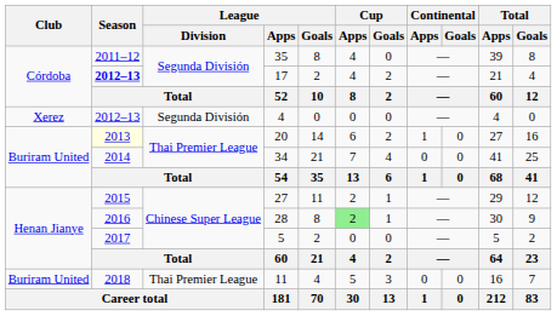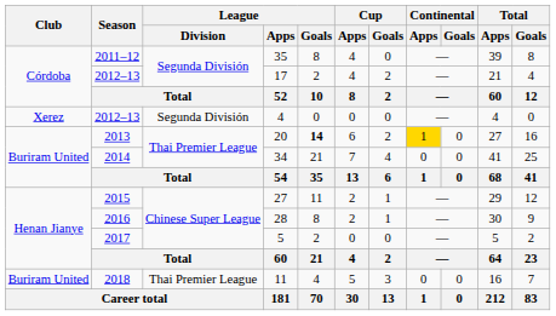 <table class="wikitable" style="text-align:center">
 <tr>
 <th rowspan="2">Club</th>
 <th rowspan="2">Season</th>
 <th colspan="3">League</th>
 <th colspan="2">Cup</th>
 <th colspan="2">Continental</th>
 <th colspan="2">Total</th>
 </tr>
 <tr>
 <th>Division</th>
 <th>Apps</th>
 <th>Goals</th>
 <th>Apps</th>
 <th>Goals</th>
 <th>Apps</th>
 <th>Goals</th>
 <th>Apps</th>
 <th>Goals</th>
 </tr>
 <tr>
 <td rowspan="3"><a href='#'>Córdoba</a></td>
 <td><a href='#'>2011–12</a></td>
 <td rowspan="2"><a href='#'>Segunda División</a></td>
 <td>35</td>
 <td>8</td>
 <td>4</td>
 <td>0</td>
 <td colspan="2">—</td>
 <td>39</td>
 <td>8</td>
 </tr>
 <tr>
-<td><strong><a href='#'>2012–13</a></strong></td>
+<td><a href='#'>2012–13</a></td>
 <td>17</td>
 <td>2</td>
 <td>4</td>
 <td>2</td>
 <td colspan="2">—</td>
 <td>21</td>
 <td>4</td>
 </tr>
 <tr>
 <th colspan="2">Total</th>
 <th>52</th>
 <th>10</th>
 <th>8</th>
 <th>2</th>
 <th colspan="2">—</th>
 <th>60</th>
 <th>12</th>
 </tr>
 <tr>
 <td><a href='#'>Xerez</a></td>
 <td><a href='#'>2012–13</a></td>
 <td>Segunda División</td>
 <td>4</td>
 <td>0</td>
 <td>0</td>
 <td>0</td>
 <td colspan="2">—</td>
 <td>4</td>
 <td>0</td>
 </tr>
 <tr>
 <td rowspan="3"><a href='#'>Buriram United</a></td>
-<td style="background: lightyellow;"><a href='#'>2013</a></td>
+<td><a href='#'>2013</a></td>
 <td rowspan="2"><a href='#'>Thai Premier League</a></td>
 <td>20</td>
-<td>14</td>
+<td><strong>14</strong></td>
 <td>6</td>
 <td>2</td>
-<td>1</td>
+<td style="background: gold;">1</td>
 <td>0</td>
 <td>27</td>
 <td>16</td>
 </tr>
 <tr>
 <td><a href='#'>2014</a></td>
 <td>34</td>
 <td>21</td>
 <td>7</td>
 <td>4</td>
 <td>0</td>
 <td>0</td>
 <td>41</td>
 <td>25</td>
 </tr>
 <tr>
 <th colspan="2">Total</th>
 <th>54</th>
 <th>35</th>
 <th>13</th>
 <th>6</th>
 <th>1</th>
 <th>0</th>
 <th>68</th>
 <th>41</th>
 </tr>
 <tr>
 <td rowspan="4"><a href='#'>Henan Jianye</a></td>
 <td><a href='#'>2015</a></td>
 <td rowspan="3"><a href='#'>Chinese Super League</a></td>
 <td>27</td>
 <td>11</td>
 <td>2</td>
 <td>1</td>
 <td colspan="2">—</td>
 <td>29</td>
 <td>12</td>
 </tr>
 <tr>
 <td><a href='#'>2016</a></td>
 <td>28</td>
 <td>8</td>
-<td style="background: lightgreen;">2</td>
+<td>2</td>
 <td>1</td>
 <td colspan="2">—</td>
 <td>30</td>
 <td>9</td>
 </tr>
 <tr>
 <td><a href='#'>2017</a></td>
 <td>5</td>
 <td>2</td>
 <td>0</td>
 <td>0</td>
 <td colspan="2">—</td>
 <td>5</td>
 <td>2</td>
 </tr>
 <tr>
 <th colspan="2">Total</th>
 <th>60</th>
 <th>21</th>
 <th>4</th>
 <th>2</th>
 <th colspan="2">—</th>
 <th>64</th>
 <th>23</th>
 </tr>
 <tr>
 <td><a href='#'>Buriram United</a></td>
 <td><a href='#'>2018</a></td>
 <td>Thai Premier League</td>
 <td>11</td>
 <td>4</td>
 <td>5</td>
 <td>3</td>
 <td>0</td>
 <td>0</td>
 <td>16</td>
 <td>7</td>
 </tr>
 <tr>
 <th colspan="3">Career total</th>
 <th>181</th>
 <th>70</th>
 <th>30</th>
 <th>13</th>
 <th>1</th>
 <th>0</th>
 <th>212</th>
 <th>83</th>
 </tr>
 </table>
